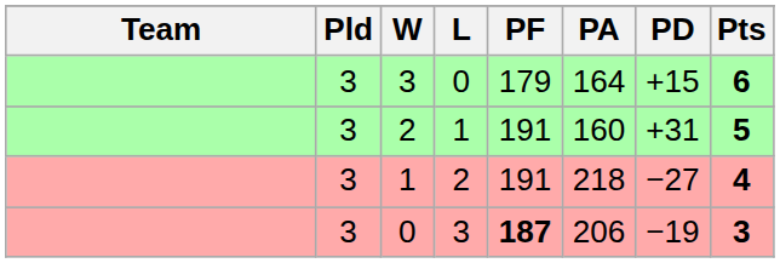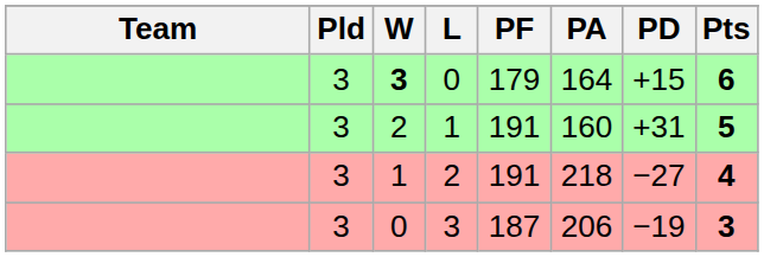 <table class=wikitable>
 <tr align=center>
 </tr>
 <tr>
 <th width=150>Team</th>
 <th width=20>Pld</th>
 <th width=20>W</th>
 <th width=20>L</th>
 <th width=30>PF</th>
 <th width=30>PA</th>
 <th width=30>PD</th>
 <th width=20>Pts</th>
 </tr>
 <tr align=center bgcolor=#aaffaa>
 <td align=left></td>
 <td>3</td>
-<td>3</td>
+<td><strong>3</strong></td>
 <td>0</td>
 <td>179</td>
 <td>164</td>
 <td>+15</td>
 <td><strong>6</strong></td>
 </tr>
 <tr align=center bgcolor=#aaffaa>
 <td align=left></td>
 <td>3</td>
 <td>2</td>
 <td>1</td>
 <td>191</td>
 <td>160</td>
 <td>+31</td>
 <td><strong>5</strong></td>
 </tr>
 <tr align=center bgcolor=#ffaaaa>
 <td align=left></td>
 <td>3</td>
 <td>1</td>
 <td>2</td>
 <td>191</td>
 <td>218</td>
 <td>−27</td>
 <td><strong>4</strong></td>
 </tr>
 <tr align=center bgcolor=#ffaaaa>
 <td align=left></td>
 <td>3</td>
 <td>0</td>
 <td>3</td>
-<td><strong>187</strong></td>
+<td>187</td>
 <td>206</td>
 <td>−19</td>
 <td><strong>3</strong></td>
 </tr>
 </table>
